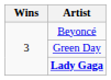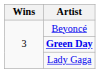 <table class="wikitable" rowspan="2" style="text-align:center">
 <tr>
 <th scope="col" style="width:55px;">Wins</th>
 <th scope="col" style="text-align:center;">Artist</th>
 </tr>
 <tr>
 <td rowspan="3" style="text-align:center">3</td>
 <td><a href='#'>Beyoncé</a></td>
 </tr>
 <tr>
-<td><a href='#'>Green Day</a></td>
+<td><strong><a href='#'>Green Day</a></strong></td>
 </tr>
 <tr>
-<td><strong><a href='#'>Lady Gaga</a></strong></td>
+<td><a href='#'>Lady Gaga</a></td>
 </tr>
 </table>
